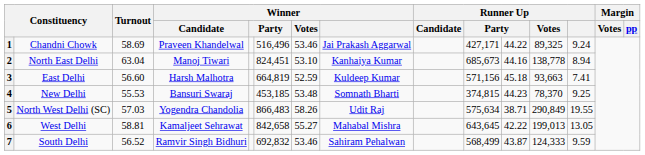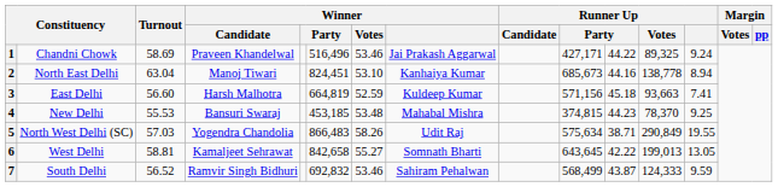 <table class="wikitable sortable" style="text-align:center;">
 <tr>
 <th colspan="2" rowspan="2">Constituency</th>
 <th rowspan="2">Turnout</th>
 <th colspan="5">Winner</th>
 <th colspan="5">Runner Up</th>
 <th colspan="2">Margin</th>
 </tr>
 <tr>
 <th>Candidate</th>
 <th colspan="2">Party</th>
 <th>Votes</th>
 <th></th>
 <th>Candidate</th>
 <th colspan="2">Party</th>
 <th>Votes</th>
 <th></th>
 <th>Votes</th>
 <th><a href='#'>pp</a></th>
 </tr>
 <tr>
 <th>1</th>
 <td><a href='#'>Chandni Chowk</a></td>
 <td>58.69 </td>
 <td><a href='#'>Praveen Khandelwal</a></td>
 <td></td>
 <td>516,496</td>
 <td>53.46</td>
 <td><a href='#'>Jai Prakash Aggarwal</a></td>
 <td></td>
 <td>427,171</td>
 <td>44.22</td>
 <td style="background:">89,325</td>
 <td style="background:">9.24</td>
 </tr>
 <tr>
 <th>2</th>
 <td><a href='#'>North East Delhi</a></td>
 <td>63.04 </td>
 <td><a href='#'>Manoj Tiwari</a></td>
 <td></td>
 <td>824,451</td>
 <td>53.10</td>
 <td><a href='#'>Kanhaiya Kumar</a></td>
 <td></td>
 <td>685,673</td>
 <td>44.16</td>
 <td style="background:">138,778</td>
 <td style="background:">8.94</td>
 </tr>
 <tr>
 <th>3</th>
 <td><a href='#'>East Delhi</a></td>
 <td>56.60 </td>
 <td><a href='#'>Harsh Malhotra</a></td>
 <td></td>
 <td>664,819</td>
 <td>52.59</td>
 <td><a href='#'>Kuldeep Kumar</a></td>
 <td></td>
 <td>571,156</td>
 <td>45.18</td>
 <td style="background:">93,663</td>
 <td style="background:">7.41</td>
 </tr>
 <tr>
 <th>4</th>
 <td><a href='#'>New Delhi</a></td>
 <td>55.53 </td>
 <td><a href='#'>Bansuri Swaraj</a></td>
 <td></td>
 <td>453,185</td>
 <td>53.48</td>
-<td><a href='#'>Somnath Bharti</a></td>
+<td><a href='#'>Mahabal Mishra</a></td>
 <td></td>
 <td>374,815</td>
 <td>44.23</td>
 <td style="background:">78,370</td>
 <td style="background:">9.25</td>
 </tr>
 <tr>
 <th>5</th>
 <td><a href='#'>North West Delhi</a> (SC)</td>
 <td>57.03 </td>
 <td><a href='#'>Yogendra Chandolia</a></td>
 <td></td>
 <td>866,483</td>
 <td>58.26</td>
 <td><a href='#'>Udit Raj</a></td>
 <td></td>
 <td>575,634</td>
 <td>38.71</td>
 <td style="background:">290,849</td>
 <td style="background:">19.55</td>
 </tr>
 <tr>
 <th>6</th>
 <td><a href='#'>West Delhi</a></td>
 <td>58.81 </td>
 <td><a href='#'>Kamaljeet Sehrawat</a></td>
 <td></td>
 <td>842,658</td>
 <td>55.27</td>
-<td><a href='#'>Mahabal Mishra</a></td>
+<td><a href='#'>Somnath Bharti</a></td>
 <td></td>
 <td>643,645</td>
 <td>42.22</td>
 <td style="background:">199,013</td>
 <td style="background:">13.05</td>
 </tr>
 <tr>
 <th>7</th>
 <td><a href='#'>South Delhi</a></td>
 <td>56.52 </td>
 <td><a href='#'>Ramvir Singh Bidhuri</a></td>
 <td></td>
 <td>692,832</td>
 <td>53.46</td>
 <td><a href='#'>Sahiram Pehalwan</a></td>
 <td></td>
 <td>568,499</td>
 <td>43.87</td>
 <td style="background:">124,333</td>
 <td style="background:">9.59</td>
 </tr>
 </table>
